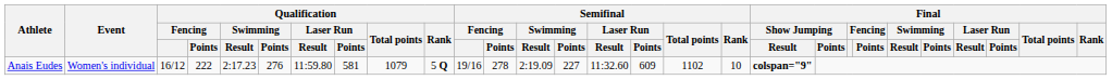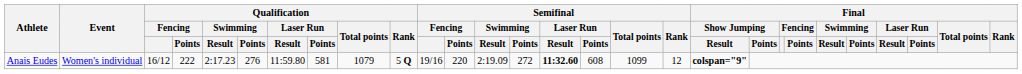 <table class="wikitable" style="text-align:center; font-size:90%">
 <tr>
 <th rowspan="3">Athlete</th>
 <th rowspan="3">Event</th>
 <th colspan="8">Qualification</th>
 <th colspan="8">Semifinal</th>
 <th colspan="10">Final</th>
 </tr>
 <tr style="font-size:95%">
 <th colspan="2">Fencing</th>
 <th colspan="2">Swimming</th>
 <th colspan="2">Laser Run</th>
 <th rowspan="2">Total points</th>
 <th rowspan="2">Rank</th>
 <th colspan="2">Fencing</th>
 <th colspan="2">Swimming</th>
 <th colspan="2">Laser Run</th>
 <th rowspan="2">Total points</th>
 <th rowspan="2">Rank</th>
 <th colspan="2">Show Jumping</th>
 <th colspan="2">Fencing</th>
 <th colspan="2">Swimming</th>
 <th colspan="2">Laser Run</th>
 <th rowspan="2">Total points</th>
 <th rowspan="2">Rank</th>
 </tr>
 <tr style="font-size:95%">
 <th></th>
 <th>Points</th>
 <th>Result</th>
 <th>Points</th>
 <th>Result</th>
 <th>Points</th>
 <th></th>
 <th>Points</th>
 <th>Result</th>
 <th>Points</th>
 <th>Result</th>
 <th>Points</th>
 <th>Result</th>
 <th>Points</th>
 <th></th>
 <th>Points</th>
 <th>Result</th>
 <th>Points</th>
 <th>Result</th>
 <th>Points</th>
 </tr>
 <tr>
 <td align="left"><a href='#'>Anais Eudes</a></td>
 <td align="left"><a href='#'>Women's individual</a></td>
 <td>16/12</td>
 <td>222</td>
 <td>2:17.23</td>
 <td>276</td>
 <td>11:59.80</td>
 <td>581</td>
 <td>1079</td>
 <td>5 <strong>Q</strong></td>
 <td>19/16</td>
-<td>278</td>
+<td>220</td>
 <td>2:19.09</td>
-<td>227</td>
-<td>11:32.60</td>
-<td>609</td>
-<td>1102</td>
-<td>10</td>
+<td>272</td>
+<td><strong>11:32.60</strong></td>
+<td>608</td>
+<td>1099</td>
+<td>12</td>
 <td><strong>colspan="9" </strong></td>
 </tr>
 </table>
